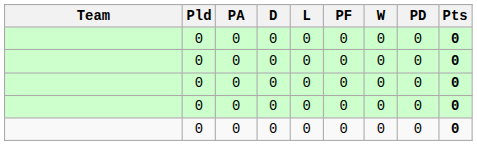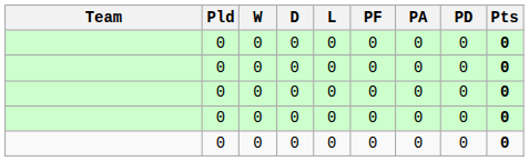 <table class="wikitable" style="text-align:center;">
 <tr>
 <th width="160">Team</th>
 <th width="25" abbr="Played">Pld</th>
-<th width="32" abbr="Points against">PA</th>
+<th width="25" abbr="Won">W</th>
 <th width="25" abbr="Drawn">D</th>
 <th width="25" abbr="Lost">L</th>
 <th width="32" abbr="Points for">PF</th>
-<th width="25" abbr="Won">W</th>
+<th width="32" abbr="Points against">PA</th>
 <th width="32" abbr="Points difference">PD</th>
 <th width="25" abbr="Points">Pts</th>
 </tr>
 <tr bgcolor="ccffcc">
 <td align="left"></td>
 <td>0</td>
 <td>0</td>
 <td>0</td>
 <td>0</td>
 <td>0</td>
 <td>0</td>
 <td>0</td>
 <td><strong>0</strong></td>
 </tr>
 <tr bgcolor="ccffcc">
 <td align="left"></td>
 <td>0</td>
 <td>0</td>
 <td>0</td>
 <td>0</td>
 <td>0</td>
 <td>0</td>
 <td>0</td>
 <td><strong>0</strong></td>
 </tr>
 <tr bgcolor="ccffcc">
 <td align="left"></td>
 <td>0</td>
 <td>0</td>
 <td>0</td>
 <td>0</td>
 <td>0</td>
 <td>0</td>
 <td>0</td>
 <td><strong>0</strong></td>
 </tr>
 <tr bgcolor="ccffcc">
 <td align="left"></td>
 <td>0</td>
 <td>0</td>
 <td>0</td>
 <td>0</td>
 <td>0</td>
 <td>0</td>
 <td>0</td>
 <td><strong>0</strong></td>
 </tr>
 <tr>
 <td align="left"></td>
 <td>0</td>
 <td>0</td>
 <td>0</td>
 <td>0</td>
 <td>0</td>
 <td>0</td>
 <td>0</td>
 <td><strong>0</strong></td>
 </tr>
 </table>
